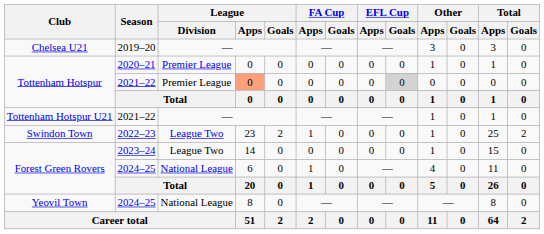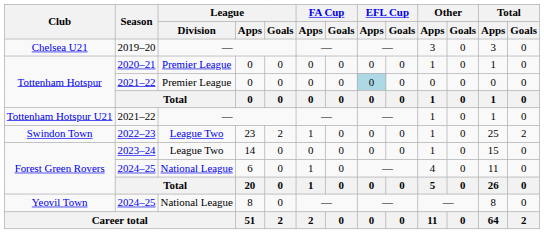 <table class=wikitable style="text-align: center">
 <tr>
 <th rowspan=2>Club</th>
 <th rowspan=2>Season</th>
 <th colspan=3>League</th>
 <th colspan=2><a href='#'>FA Cup</a></th>
 <th colspan=2><a href='#'>EFL Cup</a></th>
 <th colspan=2>Other</th>
 <th colspan=2>Total</th>
 </tr>
 <tr>
 <th>Division</th>
 <th>Apps</th>
 <th>Goals</th>
 <th>Apps</th>
 <th>Goals</th>
 <th>Apps</th>
 <th>Goals</th>
 <th>Apps</th>
 <th>Goals</th>
 <th>Apps</th>
 <th>Goals</th>
 </tr>
 <tr>
 <td><a href='#'>Chelsea U21</a></td>
 <td>2019–20</td>
 <td colspan=3>—</td>
 <td colspan=2>—</td>
 <td colspan=2>—</td>
 <td>3</td>
 <td>0</td>
 <td>3</td>
 <td>0</td>
 </tr>
 <tr>
 <td rowspan=3><a href='#'>Tottenham Hotspur</a></td>
 <td><a href='#'>2020–21</a></td>
 <td><a href='#'>Premier League</a></td>
 <td>0</td>
 <td>0</td>
 <td>0</td>
 <td>0</td>
 <td>0</td>
 <td>0</td>
 <td>1</td>
 <td>0</td>
 <td>1</td>
 <td>0</td>
 </tr>
 <tr>
 <td><a href='#'>2021–22</a></td>
 <td>Premier League</td>
-<td style="background: lightsalmon;">0</td>
 <td>0</td>
 <td>0</td>
 <td>0</td>
 <td>0</td>
-<td style="background: lightgrey;">0</td>
+<td style="background: lightblue;">0</td>
+<td>0</td>
 <td>0</td>
 <td>0</td>
 <td>0</td>
 <td>0</td>
 </tr>
 <tr>
 <th colspan=2>Total</th>
 <th>0</th>
 <th>0</th>
 <th>0</th>
 <th>0</th>
 <th>0</th>
 <th>0</th>
 <th>1</th>
 <th>0</th>
 <th>1</th>
 <th>0</th>
 </tr>
 <tr>
 <td><a href='#'>Tottenham Hotspur U21</a></td>
 <td>2021–22</td>
 <td colspan=3>—</td>
 <td colspan=2>—</td>
 <td colspan=2>—</td>
 <td>1</td>
 <td>0</td>
 <td>1</td>
 <td>0</td>
 </tr>
 <tr>
 <td><a href='#'>Swindon Town</a></td>
 <td><a href='#'>2022–23</a></td>
 <td><a href='#'>League Two</a></td>
 <td>23</td>
 <td>2</td>
 <td>1</td>
 <td>0</td>
 <td>0</td>
 <td>0</td>
 <td>1</td>
 <td>0</td>
 <td>25</td>
 <td>2</td>
 </tr>
 <tr>
 <td rowspan=3><a href='#'>Forest Green Rovers</a></td>
 <td><a href='#'>2023–24</a></td>
 <td>League Two</td>
 <td>14</td>
 <td>0</td>
 <td>0</td>
 <td>0</td>
 <td>0</td>
 <td>0</td>
 <td>1</td>
 <td>0</td>
 <td>15</td>
 <td>0</td>
 </tr>
 <tr>
 <td><a href='#'>2024–25</a></td>
 <td><a href='#'>National League</a></td>
 <td>6</td>
 <td>0</td>
 <td>1</td>
 <td>0</td>
 <td colspan=2>—</td>
 <td>4</td>
 <td>0</td>
 <td>11</td>
 <td>0</td>
 </tr>
 <tr>
 <th colspan=2>Total</th>
 <th>20</th>
 <th>0</th>
 <th>1</th>
 <th>0</th>
 <th>0</th>
 <th>0</th>
 <th>5</th>
 <th>0</th>
 <th>26</th>
 <th>0</th>
 </tr>
 <tr>
 <td><a href='#'>Yeovil Town</a></td>
 <td><a href='#'>2024–25</a></td>
 <td>National League</td>
 <td>8</td>
 <td>0</td>
 <td colspan=2>—</td>
 <td colspan=2>—</td>
 <td colspan=2>—</td>
 <td>8</td>
 <td>0</td>
 </tr>
 <tr>
 <th colspan=3>Career total</th>
 <th>51</th>
 <th>2</th>
 <th>2</th>
 <th>0</th>
 <th>0</th>
 <th>0</th>
 <th>11</th>
 <th>0</th>
 <th>64</th>
 <th>2</th>
 </tr>
 </table>
